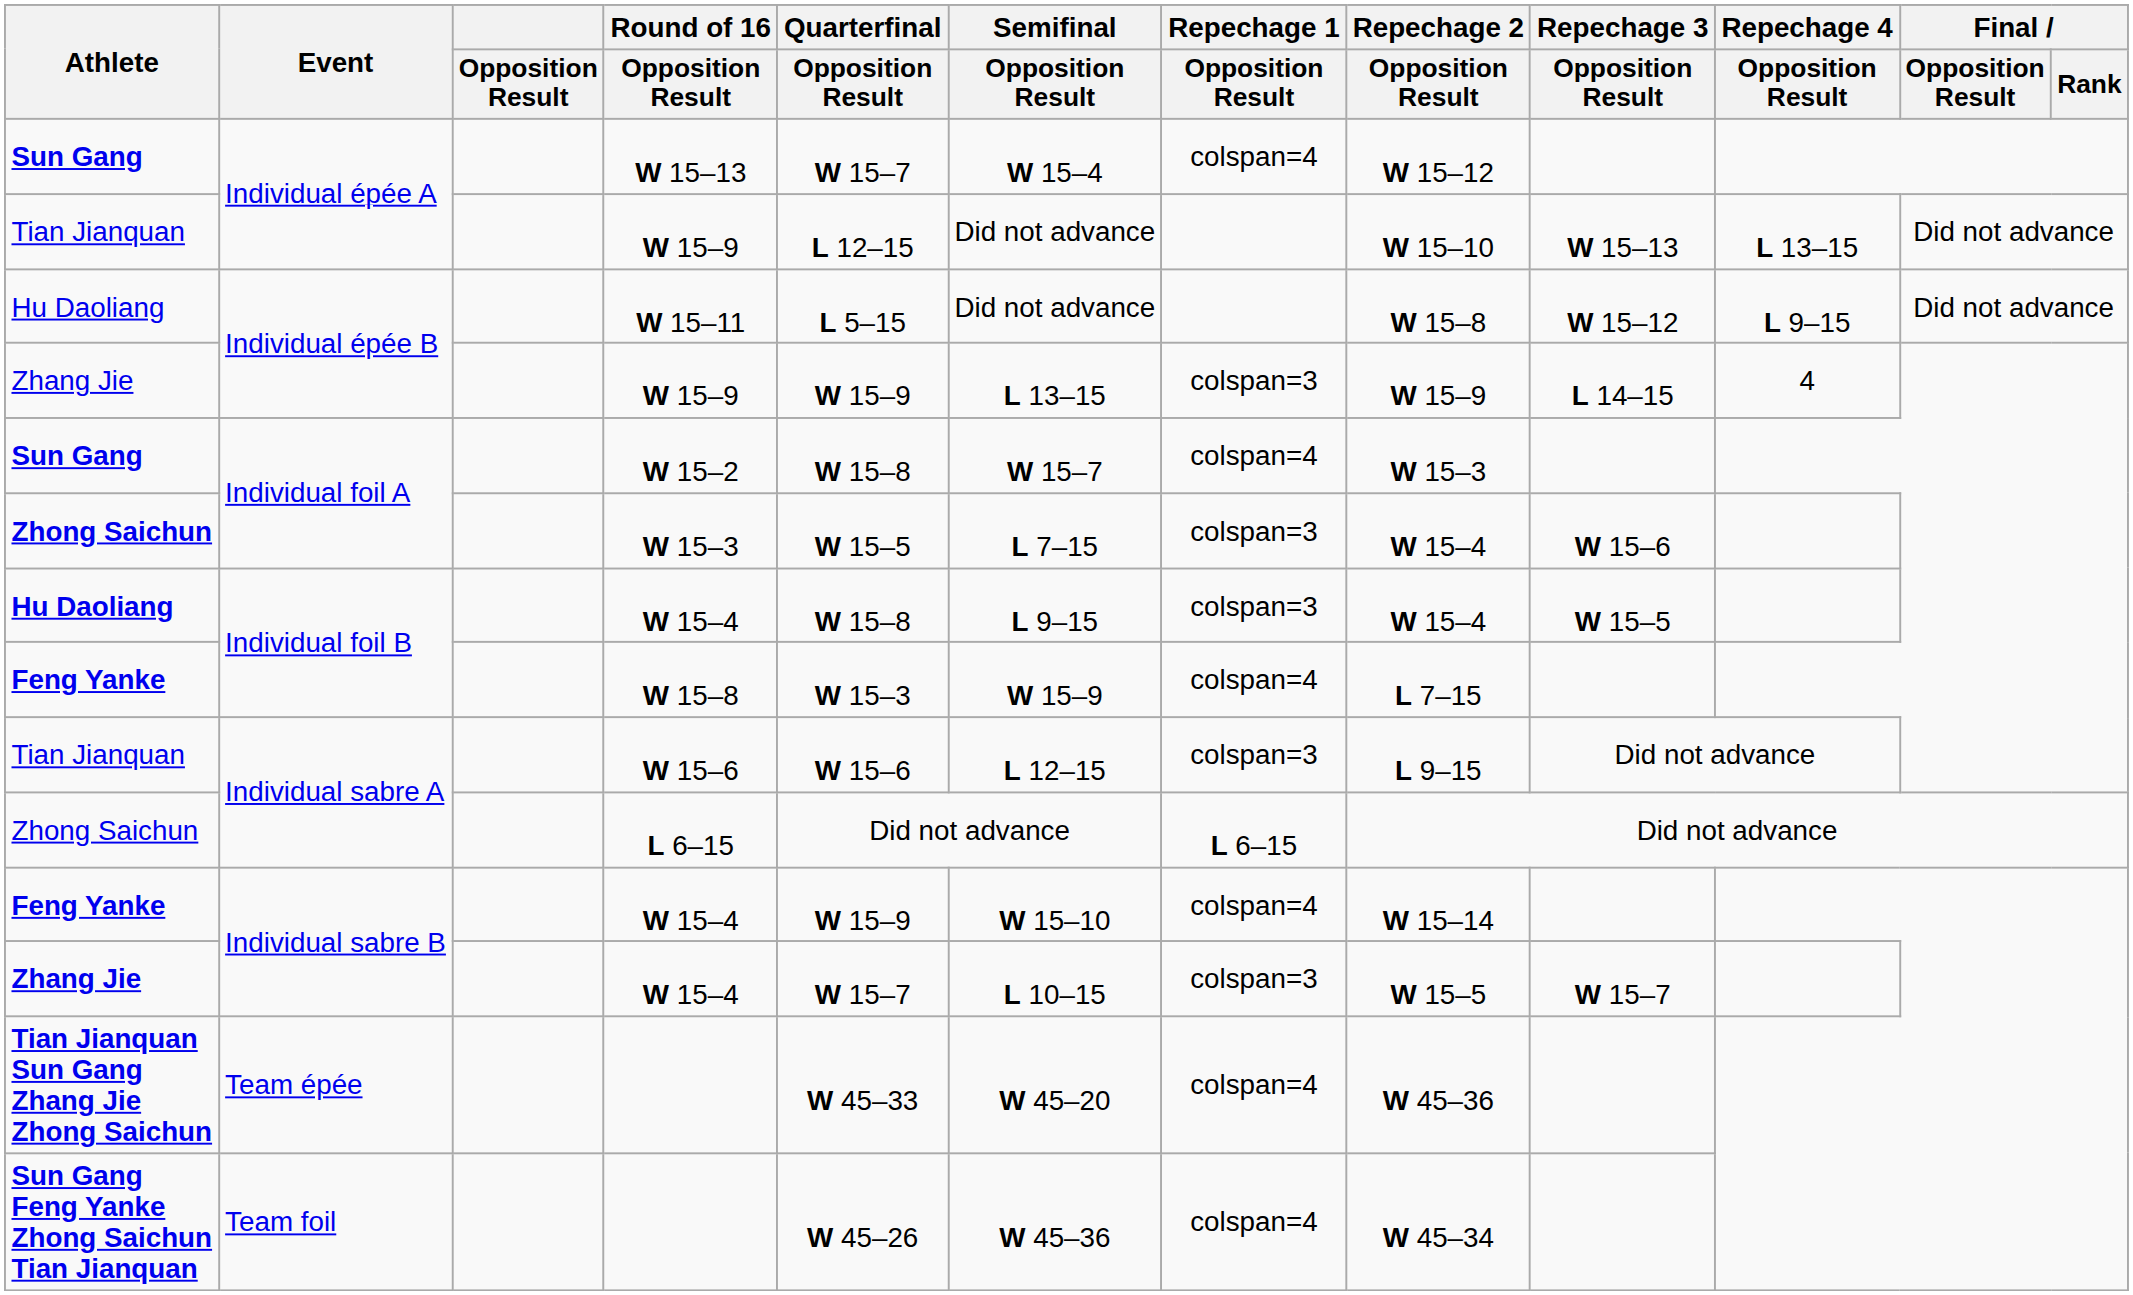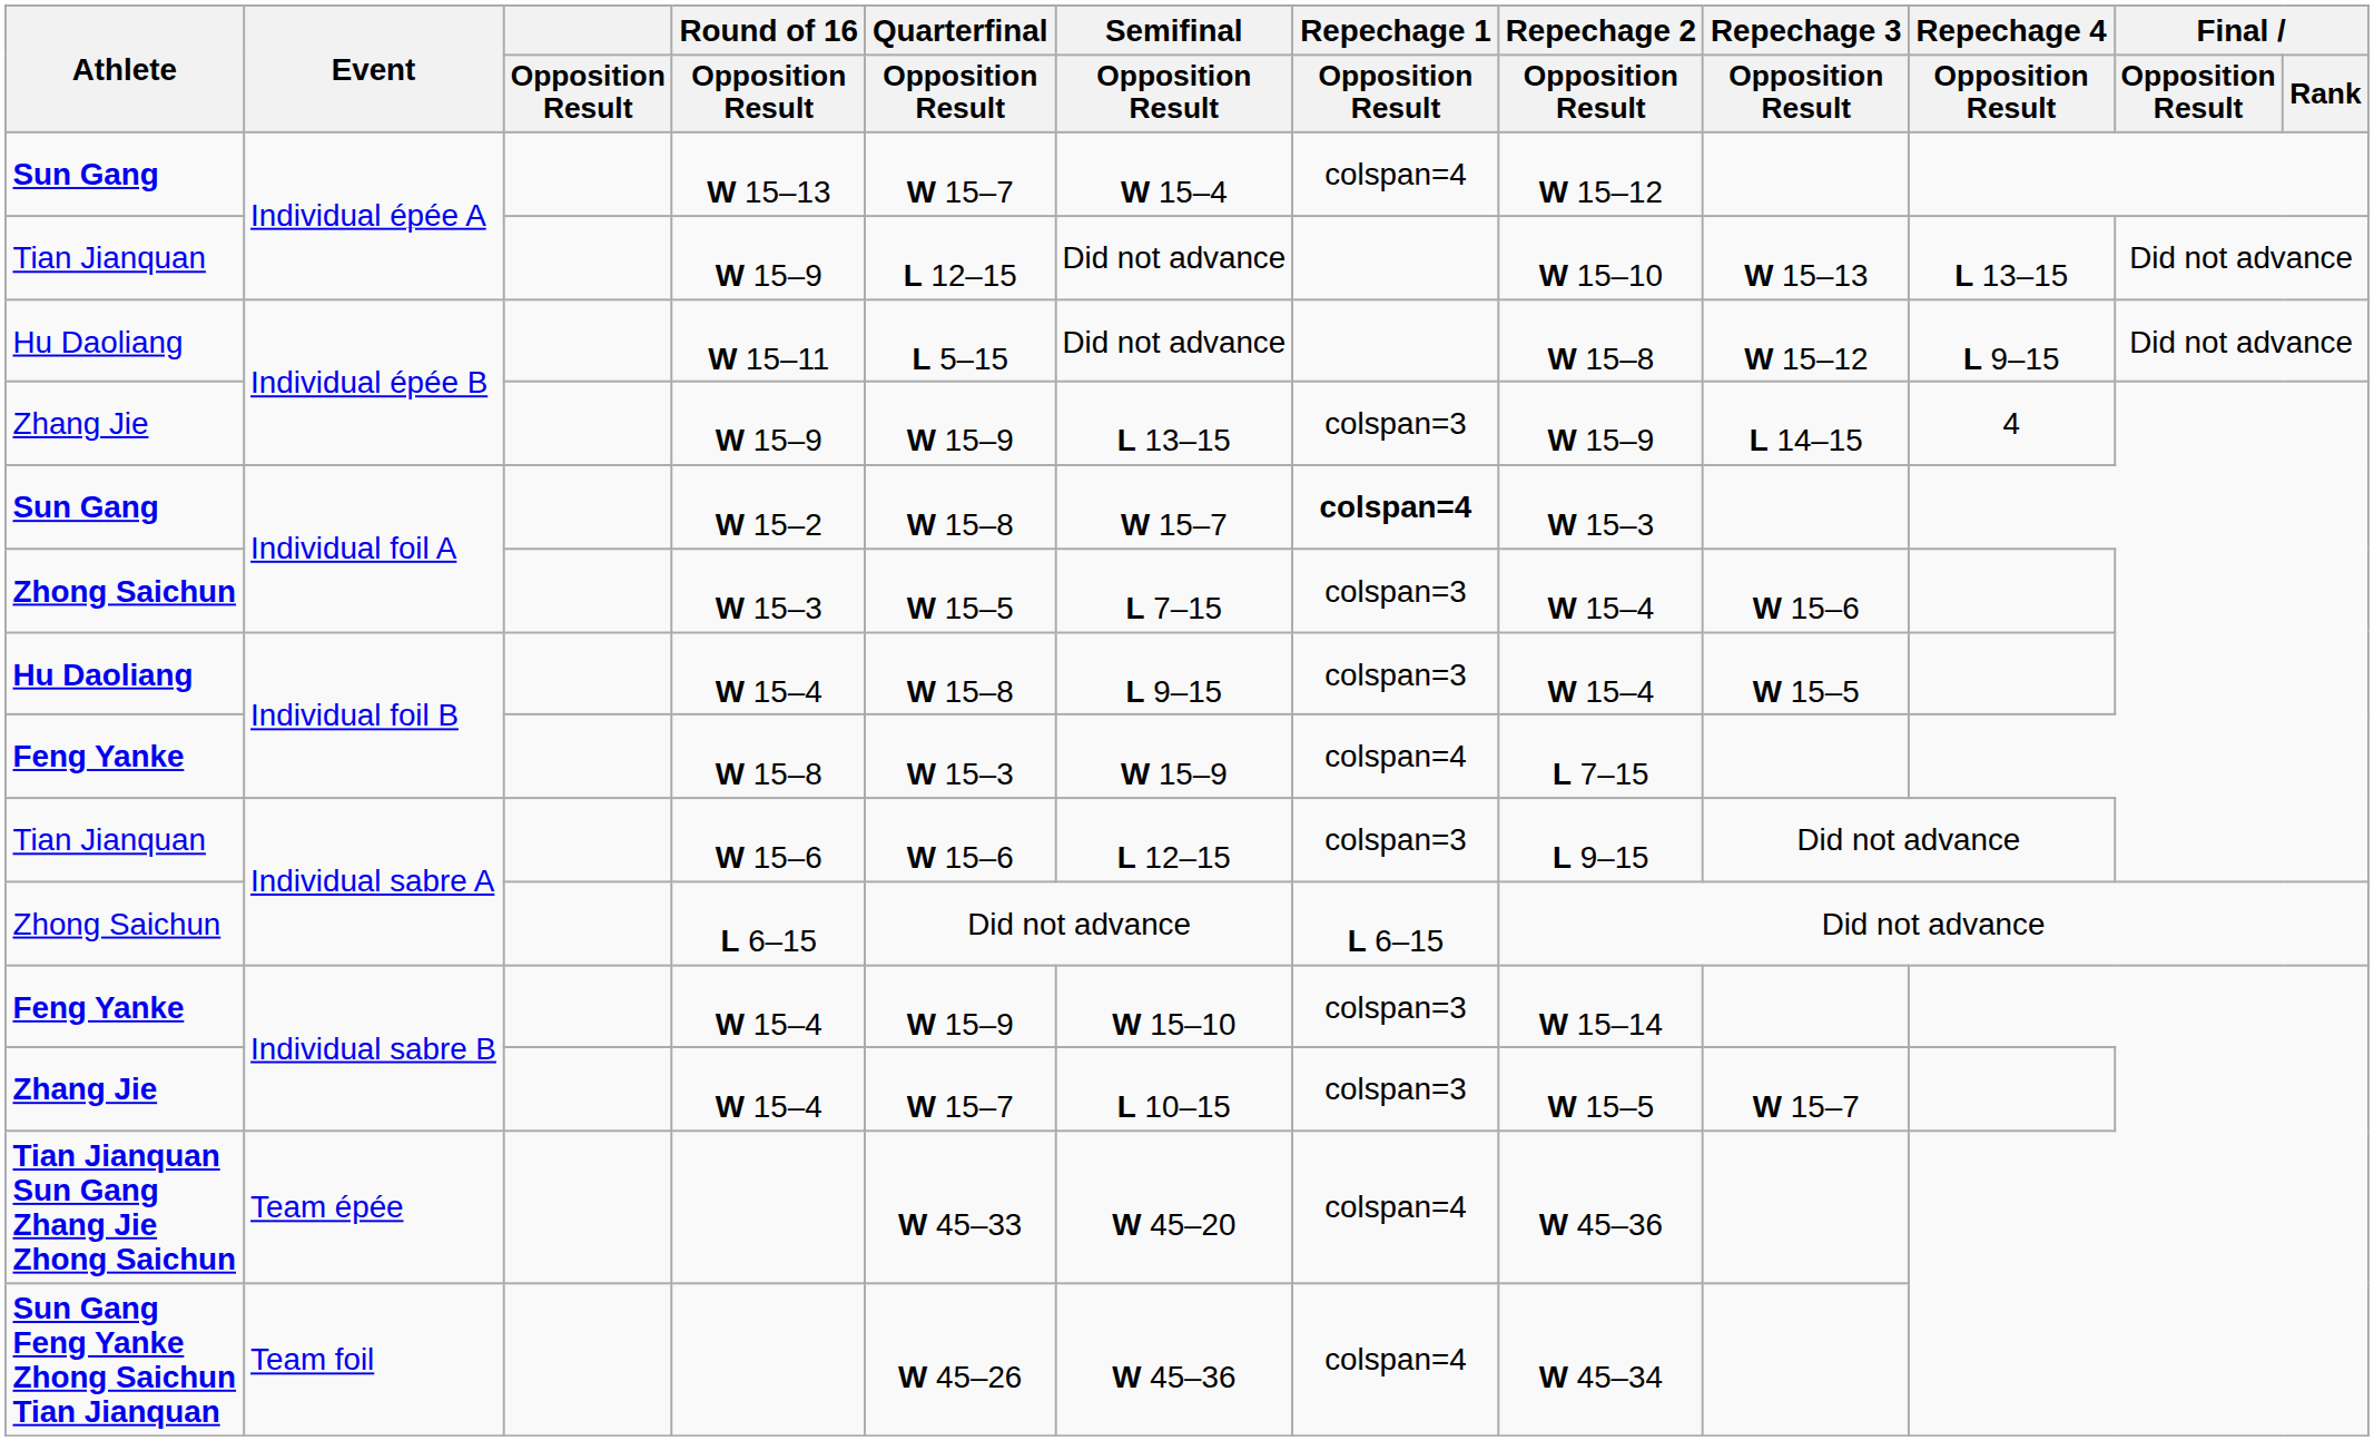 <table class=wikitable style=font-size:90%;text-align:center>
 <tr>
 <th rowspan=2>Athlete</th>
 <th rowspan=2>Event</th>
 <th></th>
 <th>Round of 16</th>
 <th>Quarterfinal</th>
 <th>Semifinal</th>
 <th>Repechage 1</th>
 <th>Repechage 2</th>
 <th>Repechage 3</th>
 <th>Repechage 4</th>
 <th colspan=2>Final / </th>
 </tr>
 <tr style=font-size:95%>
 <th>Opposition<br>Result</th>
 <th>Opposition<br>Result</th>
 <th>Opposition<br>Result</th>
 <th>Opposition<br>Result</th>
 <th>Opposition<br>Result</th>
 <th>Opposition<br>Result</th>
 <th>Opposition<br>Result</th>
 <th>Opposition<br>Result</th>
 <th>Opposition<br>Result</th>
 <th>Rank</th>
 </tr>
 <tr align=center>
 <td align=left><strong><a href='#'>Sun Gang</a></strong></td>
 <td align=left rowspan=2><a href='#'>Individual épée A</a></td>
 <td></td>
 <td><br><strong>W</strong> 15–13</td>
 <td><br><strong>W</strong> 15–7</td>
 <td><br><strong>W</strong> 15–4</td>
 <td>colspan=4 </td>
 <td><br><strong>W</strong> 15–12</td>
 <td></td>
 </tr>
 <tr align=center>
 <td align=left><a href='#'>Tian Jianquan</a></td>
 <td></td>
 <td><br><strong>W</strong> 15–9</td>
 <td><br><strong>L</strong> 12–15</td>
 <td>Did not advance</td>
 <td></td>
 <td><br><strong>W</strong> 15–10</td>
 <td><br><strong>W</strong> 15–13</td>
 <td><br><strong>L</strong> 13–15</td>
 <td colspan=2>Did not advance</td>
 </tr>
 <tr align=center>
 <td align=left><a href='#'>Hu Daoliang</a></td>
 <td align=left rowspan=2><a href='#'>Individual épée B</a></td>
 <td></td>
 <td><br><strong>W</strong> 15–11</td>
 <td><br><strong>L</strong> 5–15</td>
 <td>Did not advance</td>
 <td></td>
 <td><br><strong>W</strong> 15–8</td>
 <td><br><strong>W</strong> 15–12</td>
 <td><br><strong>L</strong> 9–15</td>
 <td colspan=2>Did not advance</td>
 </tr>
 <tr align=center>
 <td align=left><a href='#'>Zhang Jie</a></td>
 <td></td>
 <td><br><strong>W</strong> 15–9</td>
 <td><br><strong>W</strong> 15–9</td>
 <td><br><strong>L</strong> 13–15</td>
 <td>colspan=3 </td>
 <td><br><strong>W</strong> 15–9</td>
 <td><br><strong>L</strong> 14–15</td>
 <td>4</td>
 </tr>
 <tr align=center>
 <td align=left><strong><a href='#'>Sun Gang</a></strong></td>
 <td align=left rowspan=2><a href='#'>Individual foil A</a></td>
 <td></td>
 <td><br><strong>W</strong> 15–2</td>
 <td><br><strong>W</strong> 15–8</td>
 <td><br><strong>W</strong> 15–7</td>
-<td>colspan=4 </td>
+<td><strong>colspan=4 </strong></td>
 <td><br><strong>W</strong> 15–3</td>
 <td></td>
 </tr>
 <tr align=center>
 <td align=left><strong><a href='#'>Zhong Saichun</a></strong></td>
 <td></td>
 <td><br><strong>W</strong> 15–3</td>
 <td><br><strong>W</strong> 15–5</td>
 <td><br><strong>L</strong> 7–15</td>
 <td>colspan=3 </td>
 <td><br><strong>W</strong> 15–4</td>
 <td><br><strong>W</strong> 15–6</td>
 <td></td>
 </tr>
 <tr align=center>
 <td align=left><strong><a href='#'>Hu Daoliang</a></strong></td>
 <td align=left rowspan=2><a href='#'>Individual foil B</a></td>
 <td></td>
 <td><br><strong>W</strong> 15–4</td>
 <td><br><strong>W</strong> 15–8</td>
 <td><br><strong>L</strong> 9–15</td>
 <td>colspan=3 </td>
 <td><br><strong>W</strong> 15–4</td>
 <td><br><strong>W</strong> 15–5</td>
 <td></td>
 </tr>
 <tr align=center>
 <td align=left><strong><a href='#'>Feng Yanke</a></strong></td>
 <td></td>
 <td><br><strong>W</strong> 15–8</td>
 <td><br><strong>W</strong> 15–3</td>
 <td><br><strong>W</strong> 15–9</td>
 <td>colspan=4 </td>
 <td><br><strong>L</strong> 7–15</td>
 <td></td>
 </tr>
 <tr align=center>
 <td align=left><a href='#'>Tian Jianquan</a></td>
 <td align=left rowspan=2><a href='#'>Individual sabre A</a></td>
 <td></td>
 <td><br><strong>W</strong> 15–6</td>
 <td><br><strong>W</strong> 15–6</td>
 <td><br><strong>L</strong> 12–15</td>
 <td>colspan=3 </td>
 <td><br><strong>L</strong> 9–15</td>
 <td colspan=2>Did not advance</td>
 </tr>
 <tr align=center>
 <td align=left><a href='#'>Zhong Saichun</a></td>
 <td></td>
 <td><br><strong>L</strong> 6–15</td>
 <td colspan=2>Did not advance</td>
 <td><br><strong>L</strong> 6–15</td>
 <td colspan=5>Did not advance</td>
 </tr>
 <tr align=center>
 <td align=left><strong><a href='#'>Feng Yanke</a></strong></td>
 <td align=left rowspan=2><a href='#'>Individual sabre B</a></td>
 <td></td>
 <td><br><strong>W</strong> 15–4</td>
 <td><br><strong>W</strong> 15–9</td>
 <td><br><strong>W</strong> 15–10</td>
-<td>colspan=4 </td>
+<td>colspan=3 </td>
 <td><br><strong>W</strong> 15–14</td>
 <td></td>
 </tr>
 <tr align=center>
 <td align=left><strong><a href='#'>Zhang Jie</a></strong></td>
 <td></td>
 <td><br><strong>W</strong> 15–4</td>
 <td><br><strong>W</strong> 15–7</td>
 <td><br><strong>L</strong> 10–15</td>
 <td>colspan=3 </td>
 <td><br><strong>W</strong> 15–5</td>
 <td><br><strong>W</strong> 15–7</td>
 <td></td>
 </tr>
 <tr align=center>
 <td align=left><strong><a href='#'>Tian Jianquan</a></strong><br><strong><a href='#'>Sun Gang</a></strong><br><strong><a href='#'>Zhang Jie</a></strong><br><strong><a href='#'>Zhong Saichun</a></strong></td>
 <td align=left><a href='#'>Team épée</a></td>
 <td></td>
 <td></td>
 <td><br><strong>W</strong> 45–33</td>
 <td><br><strong>W</strong> 45–20</td>
 <td>colspan=4 </td>
 <td><br><strong>W</strong> 45–36</td>
 <td></td>
 </tr>
 <tr align=center>
 <td align=left><strong><a href='#'>Sun Gang</a></strong><br><strong><a href='#'>Feng Yanke</a></strong><br><strong><a href='#'>Zhong Saichun</a></strong><br><strong><a href='#'>Tian Jianquan</a></strong></td>
 <td align=left><a href='#'>Team foil</a></td>
 <td></td>
 <td></td>
 <td><br><strong>W</strong> 45–26</td>
 <td><br><strong>W</strong> 45–36</td>
 <td>colspan=4 </td>
 <td><br><strong>W</strong> 45–34</td>
 <td></td>
 </tr>
 </table>
